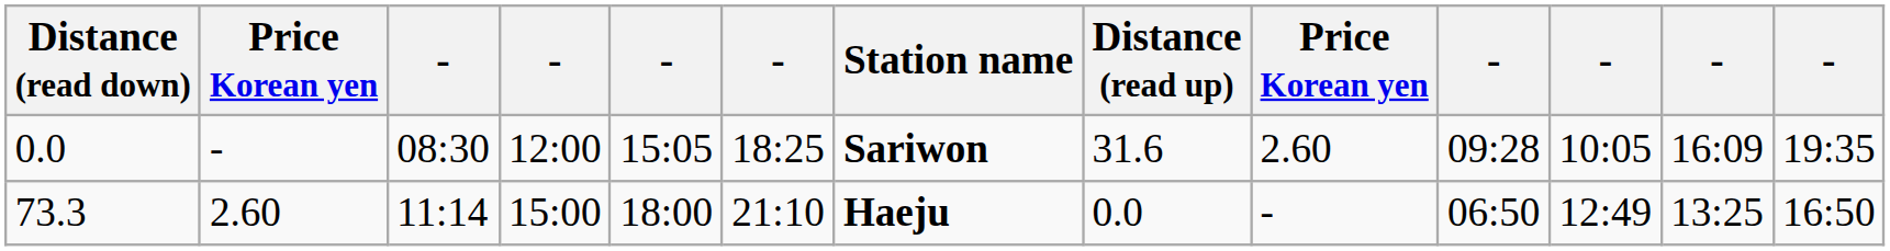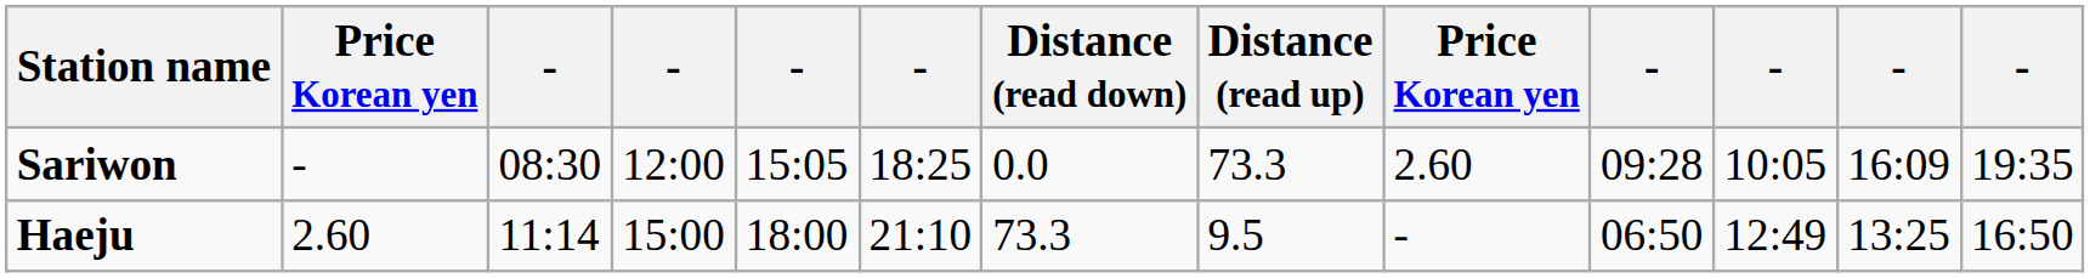 <table class="wikitable">
 <tr>
-<th>Distance<br><small>(read down)</small></th>
+<th>Station name</th>
 <th>Price<br><small><a href='#'>Korean yen</a></small></th>
 <th><strong>-</strong></th>
 <th><strong>-</strong></th>
 <th><strong>-</strong></th>
 <th><strong>-</strong></th>
-<th>Station name</th>
+<th>Distance<br><small>(read down)</small></th>
 <th>Distance<br><small>(read up)</small></th>
 <th>Price<br><small><a href='#'>Korean yen</a></small></th>
 <th><strong>-</strong></th>
 <th><strong>-</strong></th>
 <th><strong>-</strong></th>
 <th><strong>-</strong></th>
 </tr>
 <tr>
-<td>0.0</td>
+<td><strong>Sariwon</strong></td>
 <td>-</td>
 <td>08:30</td>
 <td>12:00</td>
 <td>15:05</td>
 <td>18:25</td>
-<td><strong>Sariwon</strong></td>
-<td>31.6</td>
+<td>0.0</td>
+<td>73.3</td>
 <td>2.60</td>
 <td>09:28</td>
 <td>10:05</td>
 <td>16:09</td>
 <td>19:35</td>
 </tr>
 <tr>
-<td>73.3</td>
+<td><strong>Haeju</strong></td>
 <td>2.60</td>
 <td>11:14</td>
 <td>15:00</td>
 <td>18:00</td>
 <td>21:10</td>
-<td><strong>Haeju</strong></td>
-<td>0.0</td>
+<td>73.3</td>
+<td>9.5</td>
 <td>-</td>
 <td>06:50</td>
 <td>12:49</td>
 <td>13:25</td>
 <td>16:50</td>
 </tr>
 </table>
